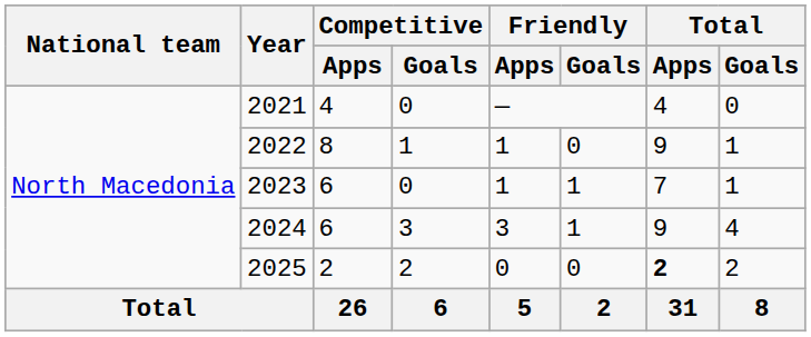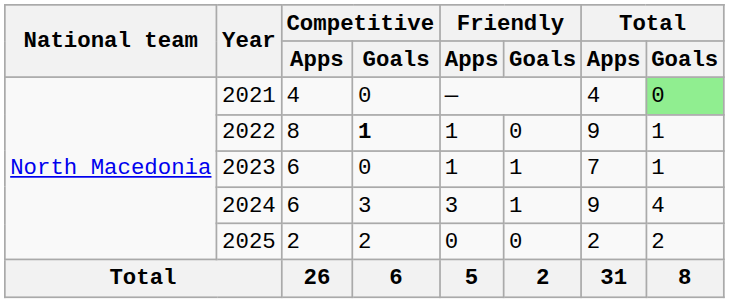 <table class="wikitable defaultcenter">
 <tr>
 <th rowspan="2">National team</th>
 <th rowspan="2">Year</th>
 <th colspan="2">Competitive</th>
 <th colspan="2">Friendly</th>
 <th colspan="2">Total</th>
 </tr>
 <tr>
 <th>Apps</th>
 <th>Goals</th>
 <th>Apps</th>
 <th>Goals</th>
 <th>Apps</th>
 <th>Goals</th>
 </tr>
 <tr>
 <td rowspan="5"><a href='#'>North Macedonia</a></td>
 <td>2021</td>
 <td>4</td>
 <td>0</td>
 <td colspan="2">—</td>
 <td>4</td>
-<td>0</td>
+<td style="background: lightgreen;">0</td>
 </tr>
 <tr>
 <td>2022</td>
 <td>8</td>
-<td>1</td>
+<td><strong>1</strong></td>
 <td>1</td>
 <td>0</td>
 <td>9</td>
 <td>1</td>
 </tr>
 <tr>
 <td>2023</td>
 <td>6</td>
 <td>0</td>
 <td>1</td>
 <td>1</td>
 <td>7</td>
 <td>1</td>
 </tr>
 <tr>
 <td>2024</td>
 <td>6</td>
 <td>3</td>
 <td>3</td>
 <td>1</td>
 <td>9</td>
 <td>4</td>
 </tr>
 <tr>
 <td>2025</td>
 <td>2</td>
 <td>2</td>
 <td>0</td>
 <td>0</td>
-<td><strong>2</strong></td>
+<td>2</td>
 <td>2</td>
 </tr>
 <tr>
 <th colspan="2">Total</th>
 <th>26</th>
 <th>6</th>
 <th>5</th>
 <th>2</th>
 <th>31</th>
 <th>8</th>
 </tr>
 </table>
